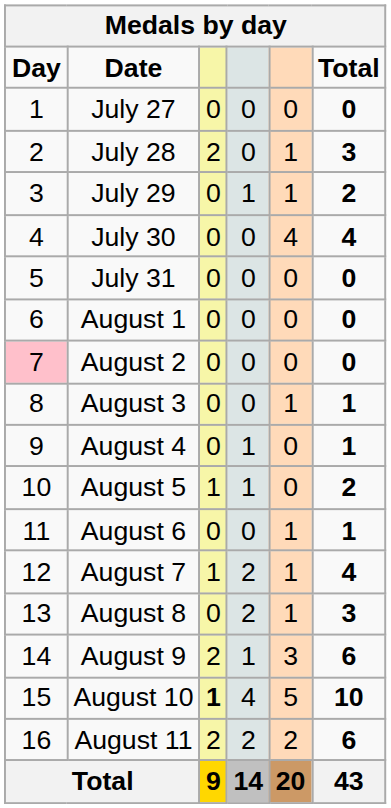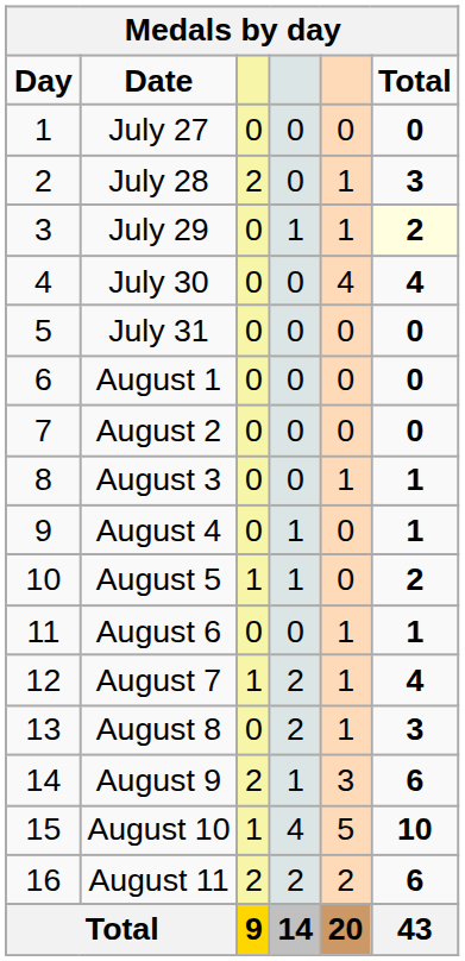 <table class=wikitable style="font-size:85%; float:right;text-align:center">
 <tr>
 <th colspan=7>Medals by day</th>
 </tr>
 <tr>
 <td><strong>Day</strong></td>
 <td><strong>Date</strong></td>
 <td bgcolor=F7F6A8></td>
 <td bgcolor=DCE5E5></td>
 <td bgcolor=FFDAB9></td>
 <td><strong>Total</strong></td>
 </tr>
 <tr>
 <td>1</td>
 <td>July 27</td>
 <td bgcolor=F7F6A8>0</td>
 <td bgcolor=DCE5E5>0</td>
 <td bgcolor=FFDAB9>0</td>
 <td><strong>0</strong></td>
 </tr>
 <tr>
 <td>2</td>
 <td>July 28</td>
 <td bgcolor=F7F6A8>2</td>
 <td bgcolor=DCE5E5>0</td>
 <td bgcolor=FFDAB9>1</td>
 <td><strong>3</strong></td>
 </tr>
 <tr>
 <td>3</td>
 <td>July 29</td>
 <td bgcolor=F7F6A8>0</td>
 <td bgcolor=DCE5E5>1</td>
 <td bgcolor=FFDAB9>1</td>
-<td><strong>2</strong></td>
+<td style="background: lightyellow;"><strong>2</strong></td>
 </tr>
 <tr>
 <td>4</td>
 <td>July 30</td>
 <td bgcolor=F7F6A8>0</td>
 <td bgcolor=DCE5E5>0</td>
 <td bgcolor=FFDAB9>4</td>
 <td><strong>4</strong></td>
 </tr>
 <tr>
 <td>5</td>
 <td>July 31</td>
 <td bgcolor=F7F6A8>0</td>
 <td bgcolor=DCE5E5>0</td>
 <td bgcolor=FFDAB9>0</td>
 <td><strong>0</strong></td>
 </tr>
 <tr>
 <td>6</td>
 <td>August 1</td>
 <td bgcolor=F7F6A8>0</td>
 <td bgcolor=DCE5E5>0</td>
 <td bgcolor=FFDAB9>0</td>
 <td><strong>0</strong></td>
 </tr>
 <tr>
-<td style="background: pink;">7</td>
+<td>7</td>
 <td>August 2</td>
 <td bgcolor=F7F6A8>0</td>
 <td bgcolor=DCE5E5>0</td>
 <td bgcolor=FFDAB9>0</td>
 <td><strong>0</strong></td>
 </tr>
 <tr>
 <td>8</td>
 <td>August 3</td>
 <td bgcolor=F7F6A8>0</td>
 <td bgcolor=DCE5E5>0</td>
 <td bgcolor=FFDAB9>1</td>
 <td><strong>1</strong></td>
 </tr>
 <tr>
 <td>9</td>
 <td>August 4</td>
 <td bgcolor=F7F6A8>0</td>
 <td bgcolor=DCE5E5>1</td>
 <td bgcolor=FFDAB9>0</td>
 <td><strong>1</strong></td>
 </tr>
 <tr>
 <td>10</td>
 <td>August 5</td>
 <td bgcolor=F7F6A8>1</td>
 <td bgcolor=DCE5E5>1</td>
 <td bgcolor=FFDAB9>0</td>
 <td><strong>2</strong></td>
 </tr>
 <tr>
 <td>11</td>
 <td>August 6</td>
 <td bgcolor=F7F6A8>0</td>
 <td bgcolor=DCE5E5>0</td>
 <td bgcolor=FFDAB9>1</td>
 <td><strong>1</strong></td>
 </tr>
 <tr>
 <td>12</td>
 <td>August 7</td>
 <td bgcolor=F7F6A8>1</td>
 <td bgcolor=DCE5E5>2</td>
 <td bgcolor=FFDAB9>1</td>
 <td><strong>4</strong></td>
 </tr>
 <tr>
 <td>13</td>
 <td>August 8</td>
 <td bgcolor=F7F6A8>0</td>
 <td bgcolor=DCE5E5>2</td>
 <td bgcolor=FFDAB9>1</td>
 <td><strong>3</strong></td>
 </tr>
 <tr>
 <td>14</td>
 <td>August 9</td>
 <td bgcolor=F7F6A8>2</td>
 <td bgcolor=DCE5E5>1</td>
 <td bgcolor=FFDAB9>3</td>
 <td><strong>6</strong></td>
 </tr>
 <tr>
 <td>15</td>
 <td>August 10</td>
-<td bgcolor=F7F6A8><strong>1</strong></td>
+<td bgcolor=F7F6A8>1</td>
 <td bgcolor=DCE5E5>4</td>
 <td bgcolor=FFDAB9>5</td>
 <td><strong>10</strong></td>
 </tr>
 <tr>
 <td>16</td>
 <td>August 11</td>
 <td bgcolor=F7F6A8>2</td>
 <td bgcolor=DCE5E5>2</td>
 <td bgcolor=FFDAB9>2</td>
 <td><strong>6</strong></td>
 </tr>
 <tr>
 <th colspan=2>Total</th>
 <th style=background:gold>9</th>
 <th style=background:silver>14</th>
 <th style=background:#C96>20</th>
 <th>43</th>
 </tr>
 </table>
